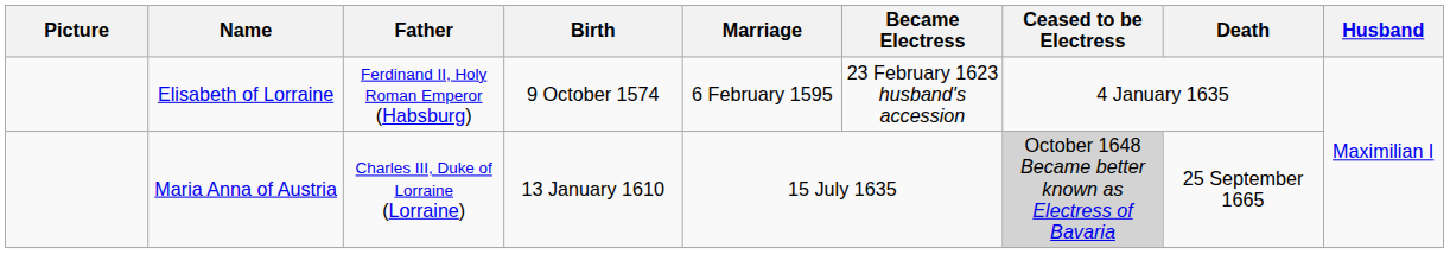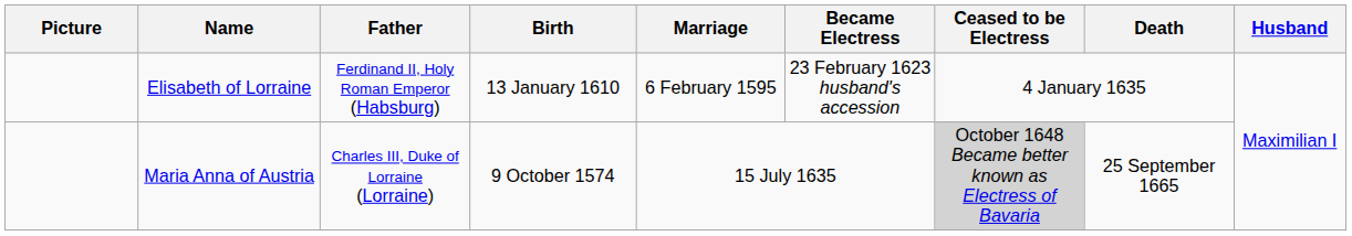 <table width=95% class="wikitable">
 <tr>
 <th width = "8%">Picture</th>
 <th width = "11%">Name</th>
 <th width = "9%">Father</th>
 <th width = "10%">Birth</th>
 <th width = "9%">Marriage</th>
 <th width = "9%">Became Electress</th>
 <th width = "9%">Ceased to be Electress</th>
 <th width = "9%">Death</th>
 <th width = "6%"><a href='#'>Husband</a></th>
 </tr>
 <tr>
 <td align="center"></td>
 <td align="center"><a href='#'>Elisabeth of Lorraine</a></td>
 <td align="center"><small><a href='#'>Ferdinand II, Holy Roman Emperor</a></small> <br> (<a href='#'>Habsburg</a>)</td>
-<td align="center">9 October 1574</td>
+<td align=center>13 January 1610</td>
 <td align="center">6 February 1595</td>
 <td align="center">23 February 1623<br><em>husband's accession</em></td>
 <td align="center" colspan="2">4 January 1635</td>
 <td align="center" rowspan="2"><a href='#'>Maximilian I</a></td>
 </tr>
 <tr>
 <td align="center"></td>
 <td align="center"><a href='#'>Maria Anna of Austria</a></td>
 <td align="center"><small><a href='#'>Charles III, Duke of Lorraine</a></small> <br> (<a href='#'>Lorraine</a>)</td>
-<td align=center>13 January 1610</td>
+<td align="center">9 October 1574</td>
 <td align="center" colspan="2">15 July 1635</td>
 <td align="center" style="background: lightgrey;">October 1648<br><em>Became better known as <a href='#'>Electress of Bavaria</a></em></td>
 <td align="center">25 September 1665</td>
 </tr>
 <tr>
 </tr>
 </table>
